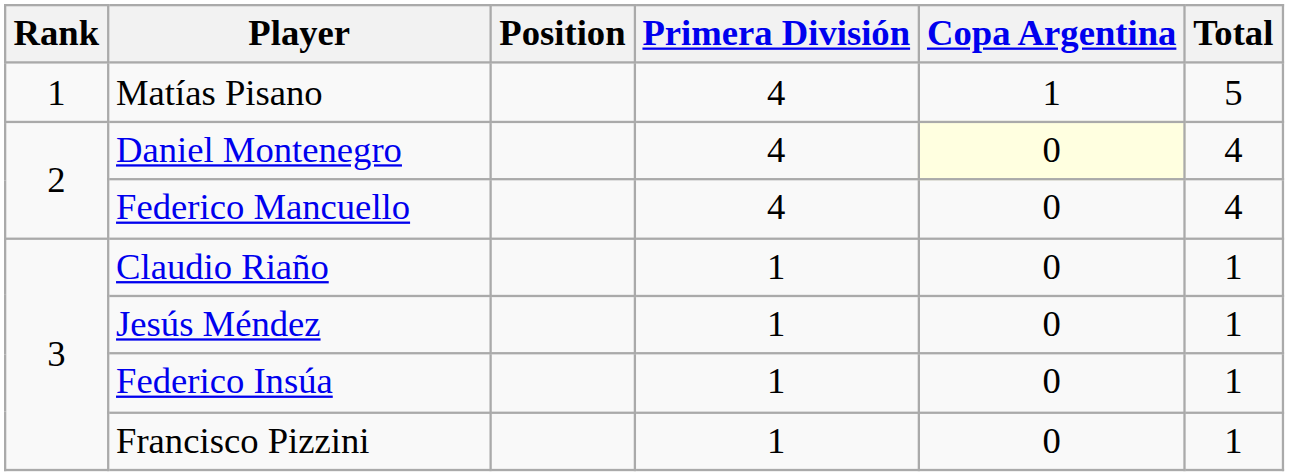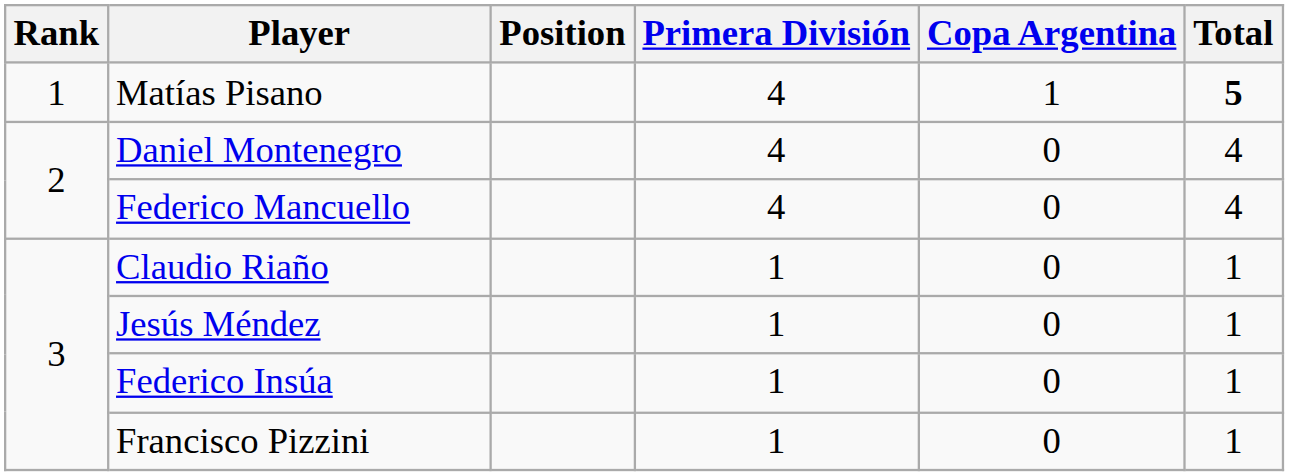 <table class="wikitable">
 <tr>
 <th>Rank</th>
 <th style="width:160px;">Player</th>
 <th>Position</th>
 <th><a href='#'>Primera División</a></th>
 <th><a href='#'>Copa Argentina</a></th>
 <th>Total</th>
 </tr>
 <tr>
 <td align=center>1</td>
 <td> Matías Pisano</td>
 <td align=center></td>
 <td align=center>4</td>
 <td align=center>1</td>
-<td align=center>5</td>
+<td align=center><strong>5</strong></td>
 </tr>
 <tr>
 <td align=center rowspan=2>2</td>
 <td> <a href='#'>Daniel Montenegro</a></td>
 <td align=center></td>
 <td align=center>4</td>
-<td align=center style="background: lightyellow;">0</td>
+<td align=center>0</td>
 <td align=center>4</td>
 </tr>
 <tr>
 <td> <a href='#'>Federico Mancuello</a></td>
 <td align=center></td>
 <td align=center>4</td>
 <td align=center>0</td>
 <td align=center>4</td>
 </tr>
 <tr>
 <td align=center rowspan=4>3</td>
 <td> <a href='#'>Claudio Riaño</a></td>
 <td align=center></td>
 <td align=center>1</td>
 <td align=center>0</td>
 <td align=center>1</td>
 </tr>
 <tr>
 <td> <a href='#'>Jesús Méndez</a></td>
 <td align=center></td>
 <td align=center>1</td>
 <td align=center>0</td>
 <td align=center>1</td>
 </tr>
 <tr>
 <td> <a href='#'>Federico Insúa</a></td>
 <td align=center></td>
 <td align=center>1</td>
 <td align=center>0</td>
 <td align=center>1</td>
 </tr>
 <tr>
 <td> Francisco Pizzini</td>
 <td align=center></td>
 <td align=center>1</td>
 <td align=center>0</td>
 <td align=center>1</td>
 </tr>
 </table>
